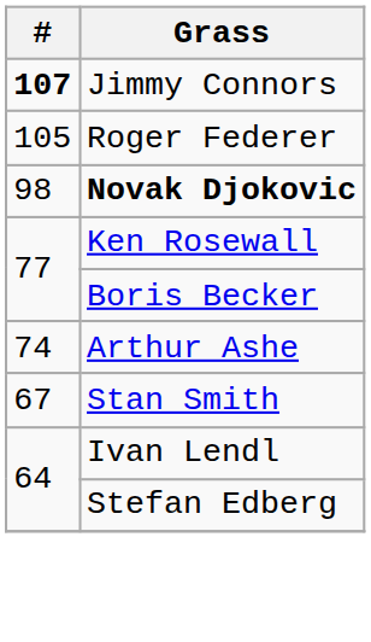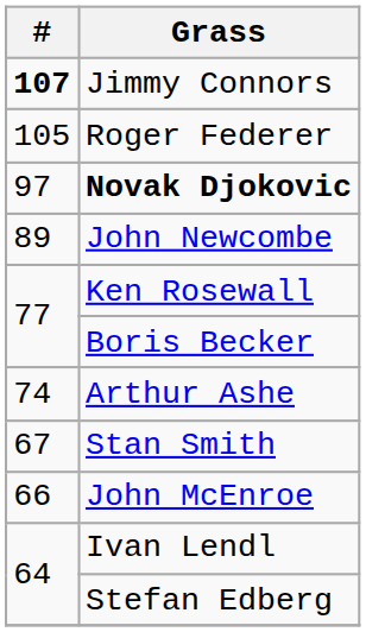 <table class="wikitable" style="display:inline-table;">
 <tr>
 <th>#</th>
 <th>Grass</th>
 </tr>
 <tr>
 <td><strong>107</strong></td>
 <td> Jimmy Connors</td>
 </tr>
 <tr>
 <td>105</td>
 <td> Roger Federer</td>
 </tr>
 <tr>
-<td>98</td>
+<td>97</td>
 <td><strong> Novak Djokovic</strong></td>
+</tr>
+<tr>
+<td>89</td>
+<td> <a href='#'>John Newcombe</a></td>
 </tr>
 <tr>
 <td rowspan="2">77</td>
 <td> <a href='#'>Ken Rosewall</a></td>
 </tr>
 <tr>
 <td> <a href='#'>Boris Becker</a></td>
 </tr>
 <tr>
 <td>74</td>
 <td> <a href='#'>Arthur Ashe</a></td>
 </tr>
 <tr>
 <td>67</td>
 <td> <a href='#'>Stan Smith</a></td>
 </tr>
 <tr>
+<td>66</td>
+<td> <a href='#'>John McEnroe</a></td>
+</tr>
+<tr>
 <td rowspan="2">64</td>
 <td> Ivan Lendl</td>
 </tr>
 <tr>
 <td> Stefan Edberg</td>
 </tr>
 <tr>
 </tr>
 </table>
